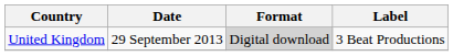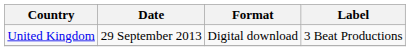 <table class="wikitable plainrowheaders">
 <tr>
 <th scope="col">Country</th>
 <th scope="col">Date</th>
 <th scope="col">Format</th>
 <th scope="col">Label</th>
 </tr>
 <tr>
 <td><a href='#'>United Kingdom</a></td>
 <td>29 September 2013</td>
-<td style="background: lightgrey;">Digital download</td>
+<td>Digital download</td>
 <td>3 Beat Productions</td>
 </tr>
 <tr>
 </tr>
 </table>
